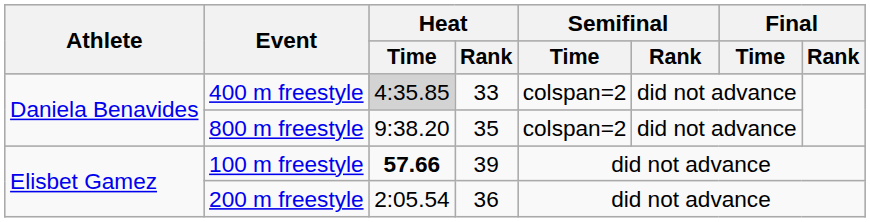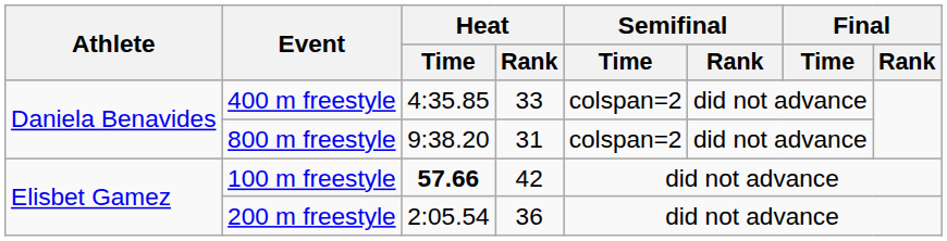 <table class=wikitable style="font-size:90%">
 <tr>
 <th rowspan=2>Athlete</th>
 <th rowspan=2>Event</th>
 <th colspan="2">Heat</th>
 <th colspan="2">Semifinal</th>
 <th colspan="2">Final</th>
 </tr>
 <tr style="font-size:95%">
 <th>Time</th>
 <th>Rank</th>
 <th>Time</th>
 <th>Rank</th>
 <th>Time</th>
 <th>Rank</th>
 </tr>
 <tr align=center>
 <td align=left rowspan=2><a href='#'>Daniela Benavides</a></td>
 <td align=left><a href='#'>400 m freestyle</a></td>
-<td style="background: lightgrey;">4:35.85</td>
+<td>4:35.85</td>
 <td>33</td>
 <td>colspan=2 </td>
 <td colspan=2>did not advance</td>
 </tr>
 <tr align=center>
 <td align=left><a href='#'>800 m freestyle</a></td>
 <td>9:38.20</td>
-<td>35</td>
+<td>31</td>
 <td>colspan=2 </td>
 <td colspan=2>did not advance</td>
 </tr>
 <tr align=center>
 <td align=left rowspan=2><a href='#'>Elisbet Gamez</a></td>
 <td align=left><a href='#'>100 m freestyle</a></td>
 <td><strong>57.66</strong></td>
-<td>39</td>
+<td>42</td>
 <td colspan=4>did not advance</td>
 </tr>
 <tr align=center>
 <td align=left><a href='#'>200 m freestyle</a></td>
 <td>2:05.54</td>
 <td>36</td>
 <td colspan=4>did not advance</td>
 </tr>
 </table>
